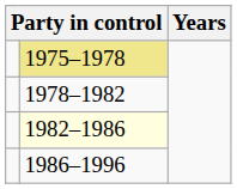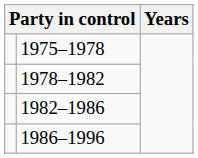 <table class="wikitable">
 <tr>
 <th scope=colgroup colspan="2">Party in control</th>
 <th scope=col>Years</th>
 </tr>
 <tr>
 <td></td>
-<td style="background: khaki;">1975–1978</td>
+<td>1975–1978</td>
 </tr>
 <tr>
 <td></td>
 <td>1978–1982</td>
 </tr>
 <tr>
 <td></td>
-<td style="background: lightyellow;">1982–1986</td>
+<td>1982–1986</td>
 </tr>
 <tr>
 <td></td>
 <td>1986–1996</td>
 </tr>
 </table>
